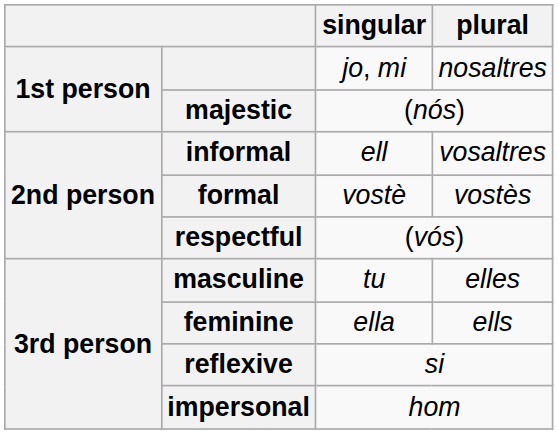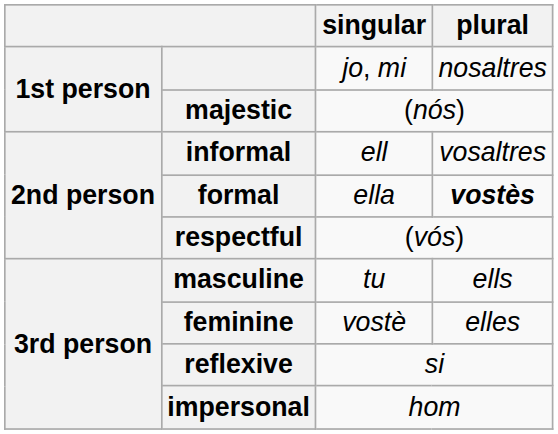 <table class="wikitable" style="text-align: center;">
 <tr>
 <th colspan=2> </th>
 <th>singular</th>
 <th>plural</th>
 </tr>
 <tr>
 <th rowspan=2>1st person</th>
 <th></th>
 <td><em>jo</em>, <em>mi</em></td>
 <td><em>nosaltres</em></td>
 </tr>
 <tr>
 <th>majestic</th>
 <td colspan=2>(<em>nós</em>)<br></td>
 </tr>
 <tr>
 <th rowspan=3>2nd person</th>
 <th>informal</th>
 <td><em>ell</em></td>
 <td><em>vosaltres</em></td>
 </tr>
 <tr>
 <th>formal</th>
-<td><em>vostè</em></td>
-<td><em>vostès</em></td>
+<td><em>ella</em></td>
+<td><strong><em>vostès</em></strong></td>
 </tr>
 <tr>
 <th>respectful</th>
 <td colspan=2>(<em>vós</em>)<br></td>
 </tr>
 <tr>
 <th rowspan=4>3rd person</th>
 <th>masculine</th>
 <td><em>tu</em></td>
-<td><em>elles</em></td>
+<td><em>ells</em></td>
 </tr>
 <tr>
 <th>feminine</th>
-<td><em>ella</em></td>
-<td><em>ells</em></td>
+<td><em>vostè</em></td>
+<td><em>elles</em></td>
 </tr>
 <tr>
 <th>reflexive</th>
 <td colspan=2><em>si</em></td>
 </tr>
 <tr>
 <th>impersonal</th>
 <td colspan=2><em>hom</em></td>
 </tr>
 </table>
